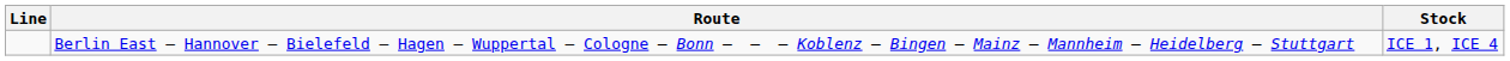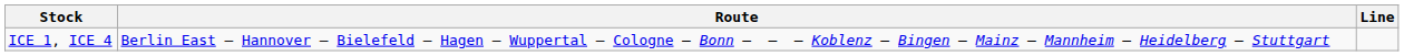 <table class="wikitable" width="100%">
 <tr>
+<th>Stock</th>
+<th>Route</th>
 <th>Line</th>
-<th>Route</th>
-<th>Stock</th>
 </tr>
 <tr>
+<td><a href='#'>ICE 1</a>, <a href='#'>ICE 4</a></td>
+<td><a href='#'>Berlin East</a> –   <a href='#'>Hannover</a> – <a href='#'>Bielefeld</a> – <a href='#'>Hagen</a> – <a href='#'>Wuppertal</a> – <a href='#'>Cologne</a><em> – <a href='#'>Bonn</a> –  –  – <a href='#'>Koblenz</a> – <a href='#'>Bingen</a> – <a href='#'>Mainz</a> – <a href='#'>Mannheim</a> – <a href='#'>Heidelberg</a> – <a href='#'>Stuttgart</a></em></td>
 <td></td>
-<td><a href='#'>Berlin East</a> –   <a href='#'>Hannover</a> – <a href='#'>Bielefeld</a> – <a href='#'>Hagen</a> – <a href='#'>Wuppertal</a> – <a href='#'>Cologne</a><em> – <a href='#'>Bonn</a> –  –  – <a href='#'>Koblenz</a> – <a href='#'>Bingen</a> – <a href='#'>Mainz</a> – <a href='#'>Mannheim</a> – <a href='#'>Heidelberg</a> – <a href='#'>Stuttgart</a></em></td>
-<td><a href='#'>ICE 1</a>, <a href='#'>ICE 4</a></td>
 </tr>
 </table>
